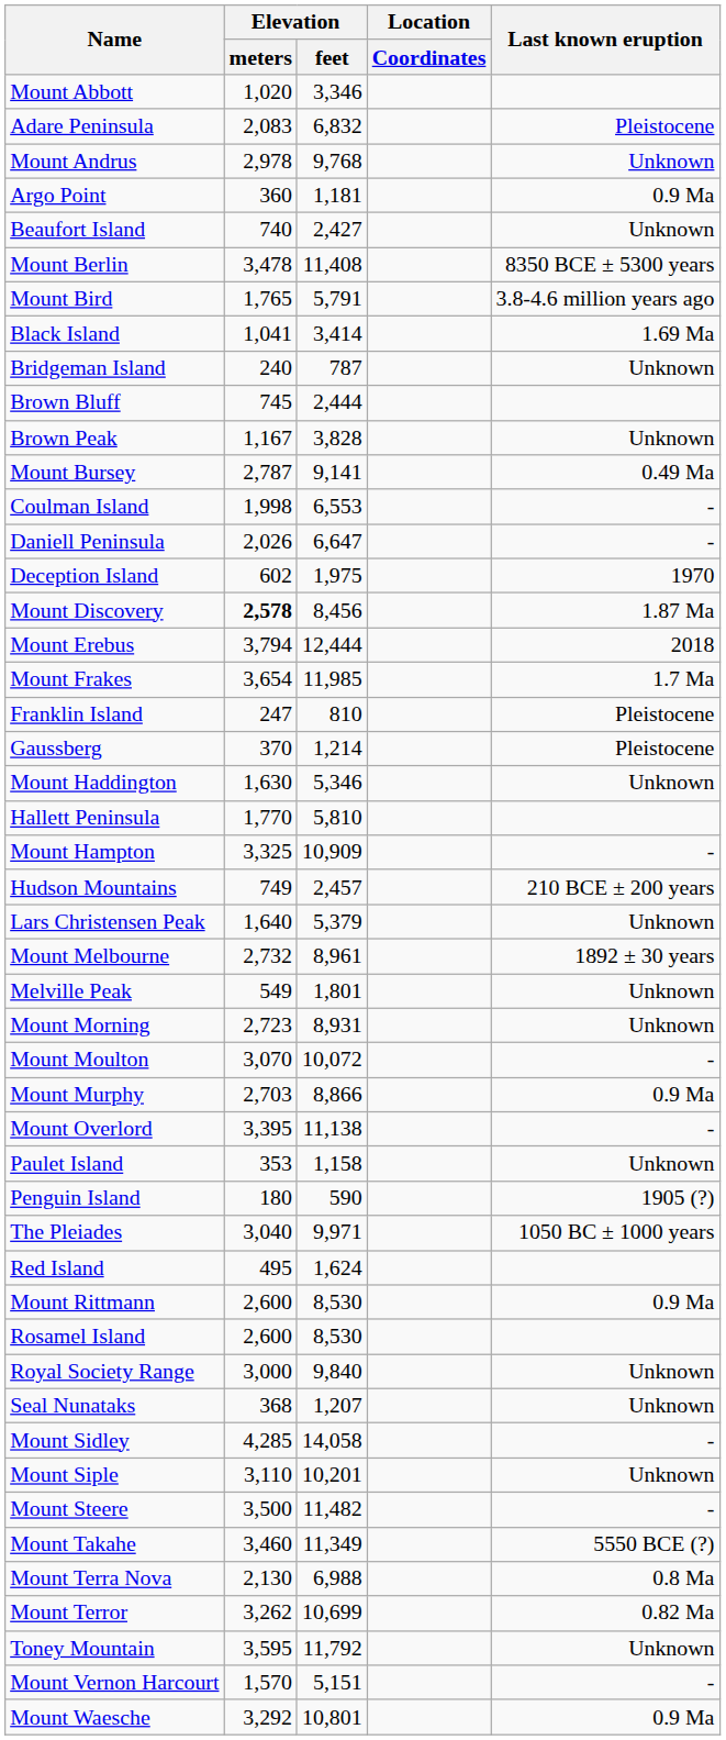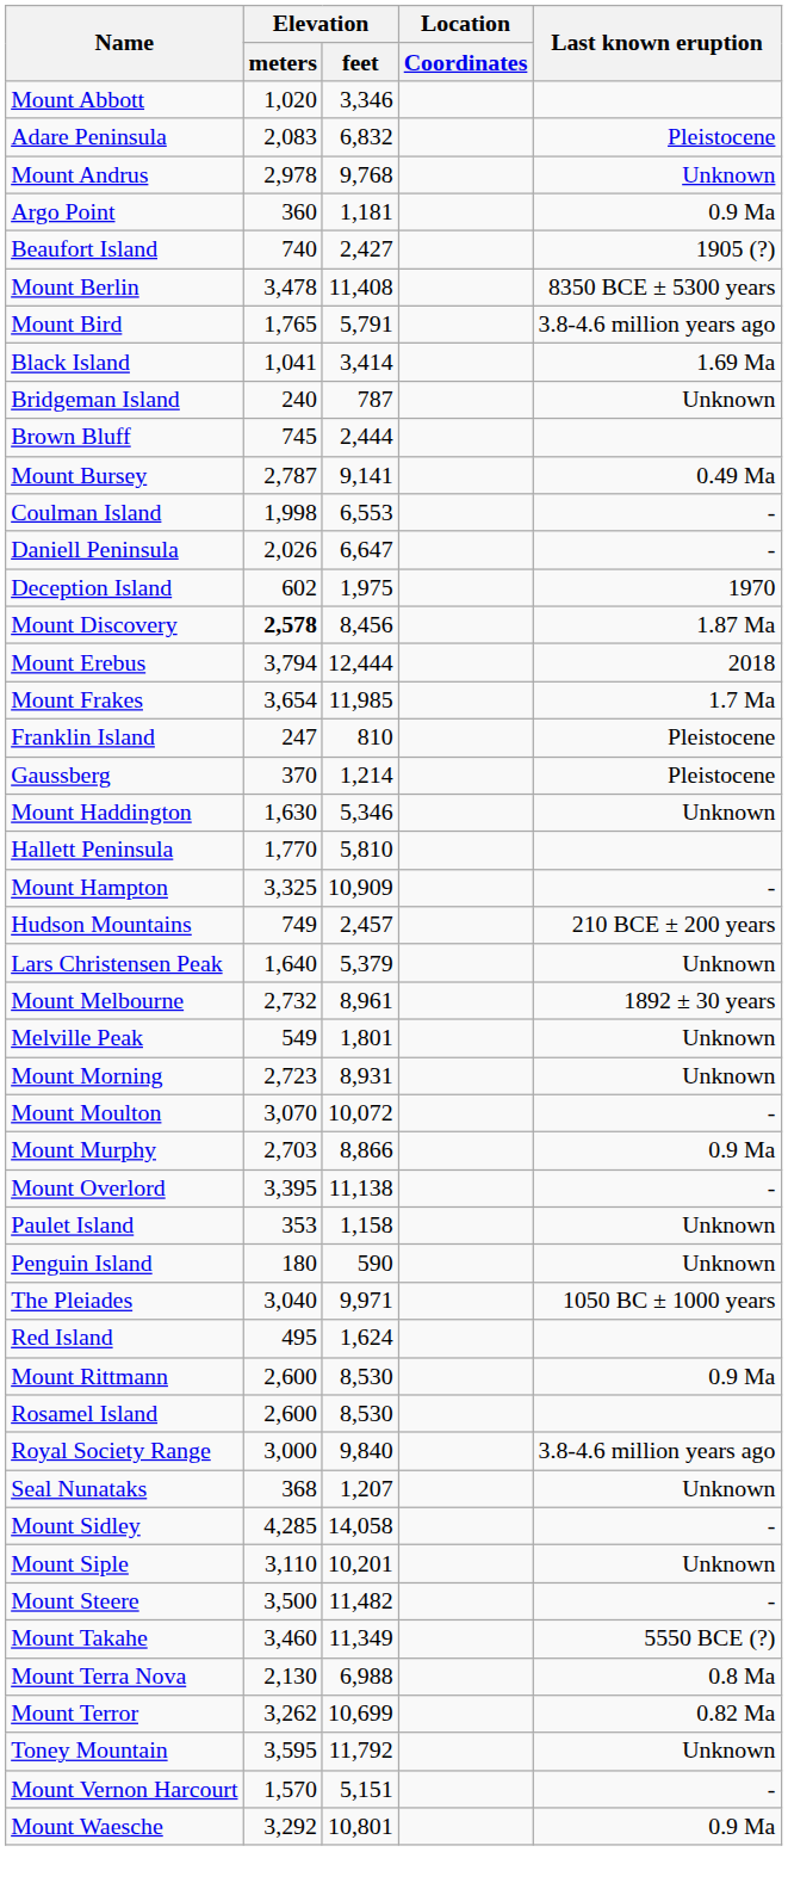 <table class="wikitable sortable">
 <tr>
 <th rowspan="2">Name</th>
 <th colspan ="2">Elevation</th>
 <th class="unsortable">Location</th>
 <th rowspan="2">Last known eruption</th>
 </tr>
 <tr>
 <th>meters</th>
 <th>feet</th>
 <th class="unsortable"><a href='#'>Coordinates</a></th>
 </tr>
 <tr align="right">
 <td align="left"><a href='#'>Mount Abbott</a></td>
 <td>1,020</td>
 <td>3,346</td>
 <td></td>
 <td></td>
 </tr>
 <tr align="right">
 <td align="left"><a href='#'>Adare Peninsula</a></td>
 <td>2,083</td>
 <td>6,832</td>
 <td></td>
 <td><a href='#'>Pleistocene</a></td>
 </tr>
 <tr align="right">
 <td align="left"><a href='#'>Mount Andrus</a></td>
 <td>2,978</td>
 <td>9,768</td>
 <td></td>
 <td><a href='#'>Unknown</a></td>
 </tr>
 <tr align="right">
 <td align="left"><a href='#'>Argo Point</a></td>
 <td>360</td>
 <td>1,181</td>
 <td></td>
 <td>0.9 Ma</td>
 </tr>
 <tr align="right">
 <td align="left"><a href='#'>Beaufort Island</a></td>
 <td>740</td>
 <td>2,427</td>
 <td></td>
-<td>Unknown</td>
+<td>1905 (?)</td>
 </tr>
 <tr align="right">
 <td align="left"><a href='#'>Mount Berlin</a></td>
 <td>3,478</td>
 <td>11,408</td>
 <td></td>
 <td>8350 BCE ± 5300 years</td>
 </tr>
 <tr align="right">
 <td align="left"><a href='#'>Mount Bird</a></td>
 <td>1,765</td>
 <td>5,791</td>
 <td></td>
 <td>3.8-4.6 million years ago</td>
 </tr>
 <tr align="right">
 <td align="left"><a href='#'>Black Island</a></td>
 <td>1,041</td>
 <td>3,414</td>
 <td></td>
 <td>1.69 Ma</td>
 </tr>
 <tr align="right">
 <td align="left"><a href='#'>Bridgeman Island</a></td>
 <td>240</td>
 <td>787</td>
 <td></td>
 <td>Unknown</td>
 </tr>
 <tr align="right">
 <td align="left"><a href='#'>Brown Bluff</a></td>
 <td>745</td>
 <td>2,444</td>
 <td></td>
 <td></td>
-</tr>
-<tr align="right">
-<td align="left"><a href='#'>Brown Peak</a></td>
-<td>1,167</td>
-<td>3,828</td>
-<td></td>
-<td>Unknown</td>
 </tr>
 <tr align="right">
 <td align="left"><a href='#'>Mount Bursey</a></td>
 <td>2,787</td>
 <td>9,141</td>
 <td></td>
 <td>0.49 Ma</td>
 </tr>
 <tr align="right">
 <td align="left"><a href='#'>Coulman Island</a></td>
 <td>1,998</td>
 <td>6,553</td>
 <td></td>
 <td>-</td>
 </tr>
 <tr align="right">
 <td align="left"><a href='#'>Daniell Peninsula</a></td>
 <td>2,026</td>
 <td>6,647</td>
 <td></td>
 <td>-</td>
 </tr>
 <tr align="right">
 <td align="left"><a href='#'>Deception Island</a></td>
 <td>602</td>
 <td>1,975</td>
 <td></td>
 <td>1970</td>
 </tr>
 <tr align="right">
 <td align="left"><a href='#'>Mount Discovery</a></td>
 <td><strong>2,578</strong></td>
 <td>8,456</td>
 <td></td>
 <td>1.87 Ma</td>
 </tr>
 <tr align="right">
 <td align="left"><a href='#'>Mount Erebus</a></td>
 <td>3,794</td>
 <td>12,444</td>
 <td></td>
 <td>2018</td>
 </tr>
 <tr align="right">
 <td align="left"><a href='#'>Mount Frakes</a></td>
 <td>3,654</td>
 <td>11,985</td>
 <td></td>
 <td>1.7 Ma</td>
 </tr>
 <tr align="right">
 <td align="left"><a href='#'>Franklin Island</a></td>
 <td>247</td>
 <td>810</td>
 <td></td>
 <td>Pleistocene</td>
 </tr>
 <tr align="right">
 <td align="left"><a href='#'>Gaussberg</a></td>
 <td>370</td>
 <td>1,214</td>
 <td></td>
 <td>Pleistocene</td>
 </tr>
 <tr align="right">
 <td align="left"><a href='#'>Mount Haddington</a></td>
 <td>1,630</td>
 <td>5,346</td>
 <td></td>
 <td>Unknown</td>
 </tr>
 <tr align="right">
 <td align="left"><a href='#'>Hallett Peninsula</a></td>
 <td>1,770</td>
 <td>5,810</td>
 <td></td>
 <td></td>
 </tr>
 <tr align="right">
 <td align="left"><a href='#'>Mount Hampton</a></td>
 <td>3,325</td>
 <td>10,909</td>
 <td></td>
 <td>-</td>
 </tr>
 <tr align="right">
 <td align="left"><a href='#'>Hudson Mountains</a></td>
 <td>749</td>
 <td>2,457</td>
 <td></td>
 <td>210 BCE ± 200 years</td>
 </tr>
 <tr align="right">
 <td align="left"><a href='#'>Lars Christensen Peak</a></td>
 <td>1,640</td>
 <td>5,379</td>
 <td></td>
 <td>Unknown</td>
 </tr>
 <tr align="right">
 <td align="left"><a href='#'>Mount Melbourne</a></td>
 <td>2,732</td>
 <td>8,961</td>
 <td></td>
 <td>1892 ± 30 years</td>
 </tr>
 <tr align="right">
 <td align="left"><a href='#'>Melville Peak</a></td>
 <td>549</td>
 <td>1,801</td>
 <td></td>
 <td>Unknown</td>
 </tr>
 <tr align="right">
 <td align="left"><a href='#'>Mount Morning</a></td>
 <td>2,723</td>
 <td>8,931</td>
 <td></td>
 <td>Unknown</td>
 </tr>
 <tr align="right">
 <td align="left"><a href='#'>Mount Moulton</a></td>
 <td>3,070</td>
 <td>10,072</td>
 <td></td>
 <td>-</td>
 </tr>
 <tr align="right">
 <td align="left"><a href='#'>Mount Murphy</a></td>
 <td>2,703</td>
 <td>8,866</td>
 <td></td>
 <td>0.9 Ma</td>
 </tr>
 <tr align="right">
 <td align="left"><a href='#'>Mount Overlord</a></td>
 <td>3,395</td>
 <td>11,138</td>
 <td></td>
 <td>-</td>
 </tr>
 <tr align="right">
 <td align="left"><a href='#'>Paulet Island</a></td>
 <td>353</td>
 <td>1,158</td>
 <td></td>
 <td>Unknown</td>
 </tr>
 <tr align="right">
 <td align="left"><a href='#'>Penguin Island</a></td>
 <td>180</td>
 <td>590</td>
 <td></td>
-<td>1905 (?)</td>
+<td>Unknown</td>
 </tr>
 <tr align="right">
 <td align="left"><a href='#'>The Pleiades</a></td>
 <td>3,040</td>
 <td>9,971</td>
 <td></td>
 <td>1050 BC ± 1000 years</td>
 </tr>
 <tr align="right">
 <td align="left"><a href='#'>Red Island</a></td>
 <td>495</td>
 <td>1,624</td>
 <td></td>
 <td></td>
 </tr>
 <tr align="right">
 <td align="left"><a href='#'>Mount Rittmann</a></td>
 <td>2,600</td>
 <td>8,530</td>
 <td></td>
 <td>0.9 Ma</td>
 </tr>
 <tr align="right">
 <td align="left"><a href='#'>Rosamel Island</a></td>
 <td>2,600</td>
 <td>8,530</td>
 <td></td>
 <td></td>
 </tr>
 <tr align="right">
 <td align="left"><a href='#'>Royal Society Range</a></td>
 <td>3,000</td>
 <td>9,840</td>
 <td></td>
-<td>Unknown</td>
+<td>3.8-4.6 million years ago</td>
 </tr>
 <tr align="right">
 <td align="left"><a href='#'>Seal Nunataks</a></td>
 <td>368</td>
 <td>1,207</td>
 <td></td>
 <td>Unknown</td>
 </tr>
 <tr align="right">
 <td align="left"><a href='#'>Mount Sidley</a></td>
 <td>4,285</td>
 <td>14,058</td>
 <td></td>
 <td>-</td>
 </tr>
 <tr align="right">
 <td align="left"><a href='#'>Mount Siple</a></td>
 <td>3,110</td>
 <td>10,201</td>
 <td></td>
 <td>Unknown</td>
 </tr>
 <tr align="right">
 <td align="left"><a href='#'>Mount Steere</a></td>
 <td>3,500</td>
 <td>11,482</td>
 <td></td>
 <td>-</td>
 </tr>
 <tr align="right">
 <td align="left"><a href='#'>Mount Takahe</a></td>
 <td>3,460</td>
 <td>11,349</td>
 <td></td>
 <td>5550 BCE (?)</td>
 </tr>
 <tr align="right">
 <td align="left"><a href='#'>Mount Terra Nova</a></td>
 <td>2,130</td>
 <td>6,988</td>
 <td></td>
 <td>0.8 Ma</td>
 </tr>
 <tr align="right">
 <td align="left"><a href='#'>Mount Terror</a></td>
 <td>3,262</td>
 <td>10,699</td>
 <td></td>
 <td>0.82 Ma</td>
 </tr>
 <tr align="right">
 <td align="left"><a href='#'>Toney Mountain</a></td>
 <td>3,595</td>
 <td>11,792</td>
 <td></td>
 <td>Unknown</td>
 </tr>
 <tr align="right">
 <td align="left"><a href='#'>Mount Vernon Harcourt</a></td>
 <td>1,570</td>
 <td>5,151</td>
 <td></td>
 <td>-</td>
 </tr>
 <tr align="right">
 <td align="left"><a href='#'>Mount Waesche</a></td>
 <td>3,292</td>
 <td>10,801</td>
 <td></td>
 <td>0.9 Ma</td>
 </tr>
 </table>
